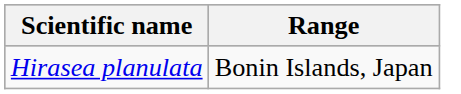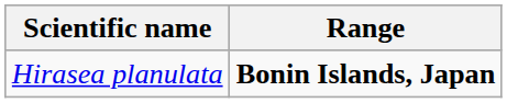 <table class="wikitable">
 <tr>
 <th>Scientific name</th>
 <th>Range</th>
 </tr>
 <tr>
 <td><em><a href='#'>Hirasea planulata</a></em></td>
-<td>Bonin Islands, Japan</td>
+<td><strong>Bonin Islands, Japan</strong></td>
 </tr>
 </table>
